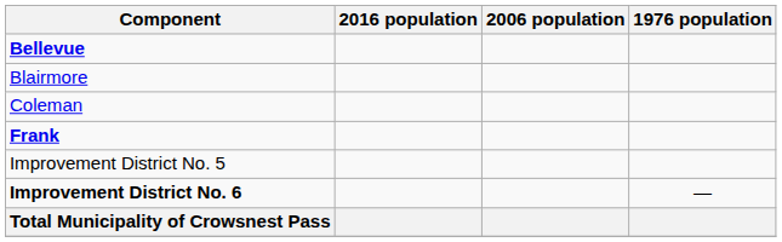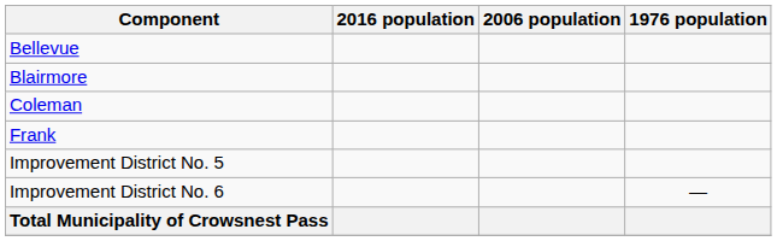 <table class="wikitable sortable">
 <tr>
 <th>Component</th>
 <th>2016 population</th>
 <th>2006 population</th>
 <th>1976 population</th>
 </tr>
 <tr>
-<td><strong><a href='#'>Bellevue</a></strong></td>
+<td><a href='#'>Bellevue</a></td>
 <td align=center></td>
 <td align=center></td>
 <td align=center></td>
 </tr>
 <tr>
 <td><a href='#'>Blairmore</a></td>
 <td align=center></td>
 <td align=center></td>
 <td align=center></td>
 </tr>
 <tr>
 <td><a href='#'>Coleman</a></td>
 <td align=center></td>
 <td align=center></td>
 <td align=center></td>
 </tr>
 <tr>
-<td><strong><a href='#'>Frank</a></strong></td>
+<td><a href='#'>Frank</a></td>
 <td align=center></td>
 <td align=center></td>
 <td align=center></td>
 </tr>
 <tr>
 <td>Improvement District No. 5</td>
 <td align=center></td>
 <td align=center></td>
 <td align=center></td>
 </tr>
 <tr>
-<td><strong>Improvement District No. 6</strong></td>
+<td>Improvement District No. 6</td>
 <td align=center></td>
 <td align=center></td>
 <td align=center>—</td>
 </tr>
 <tr class="sortbottom" align="center" style="background: #f2f2f2;">
 <td><strong>Total Municipality of Crowsnest Pass</strong></td>
 <td align=center><strong></strong></td>
 <td align=center><strong></strong></td>
 <td align=center><strong></strong></td>
 </tr>
 <tr>
 </tr>
 </table>
